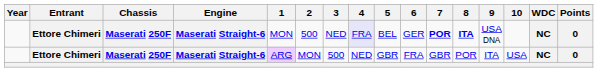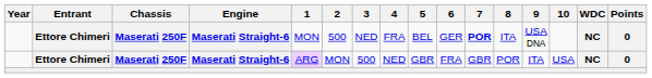 <table class="wikitable" style="text-align:center; font-size:90%">
 <tr>
 <th>Year</th>
 <th>Entrant</th>
 <th>Chassis</th>
 <th>Engine</th>
 <th>1</th>
 <th>2</th>
 <th>3</th>
 <th>4</th>
 <th>5</th>
 <th>6</th>
 <th>7</th>
 <th>8</th>
 <th>9</th>
 <th>10</th>
 <th>WDC</th>
 <th>Points</th>
 </tr>
 <tr>
 <td></td>
 <th>Ettore Chimeri</th>
 <th><a href='#'>Maserati</a> <a href='#'>250F</a></th>
 <th><a href='#'>Maserati</a> <a href='#'>Straight-6</a></th>
 <td><a href='#'>MON</a></td>
 <td><a href='#'>500</a></td>
 <td><a href='#'>NED</a></td>
-<td style="background: lavender;"><a href='#'>FRA</a></td>
+<td><a href='#'>FRA</a></td>
 <td><a href='#'>BEL</a></td>
 <td><a href='#'>GER</a></td>
 <td><strong><a href='#'>POR</a></strong></td>
-<td><strong><a href='#'>ITA</a></strong></td>
+<td><a href='#'>ITA</a></td>
 <td><a href='#'>USA</a><br><small>DNA</small></td>
 <td></td>
 <th>NC</th>
 <th>0</th>
 </tr>
 <tr>
 <td></td>
 <th>Ettore Chimeri</th>
 <th><a href='#'>Maserati</a> <a href='#'>250F</a></th>
 <th><a href='#'>Maserati</a> <a href='#'>Straight-6</a></th>
 <td style="background:#EFCFFF;"><a href='#'>ARG</a><br></td>
 <td><a href='#'>MON</a></td>
 <td><a href='#'>500</a></td>
 <td><a href='#'>NED</a></td>
 <td><a href='#'>GBR</a></td>
 <td><a href='#'>FRA</a></td>
 <td><a href='#'>GBR</a></td>
 <td><a href='#'>POR</a></td>
 <td><a href='#'>ITA</a></td>
 <td><a href='#'>USA</a></td>
 <th>NC</th>
 <th>0</th>
 </tr>
 <tr>
 <th colspan="16"></th>
 </tr>
 </table>
